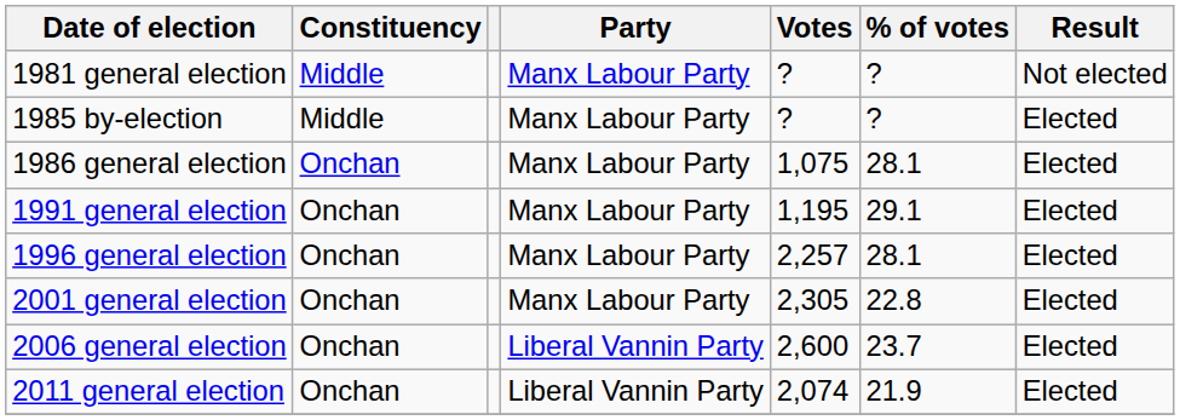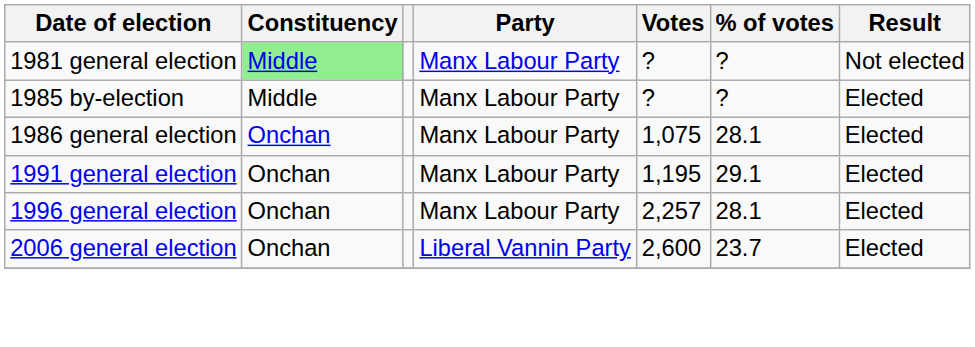 <table class="wikitable">
 <tr>
 <th>Date of election</th>
 <th>Constituency</th>
 <th></th>
 <th>Party</th>
 <th>Votes</th>
 <th>% of votes</th>
 <th>Result</th>
 </tr>
 <tr>
 <td>1981 general election</td>
-<td><a href='#'>Middle</a></td>
+<td style="background: lightgreen;"><a href='#'>Middle</a></td>
 <td style="background-color: "></td>
 <td><a href='#'>Manx Labour Party</a></td>
 <td>?</td>
 <td>?</td>
 <td>Not elected</td>
 </tr>
 <tr>
 <td>1985 by-election</td>
 <td>Middle</td>
 <td style="background-color: "></td>
 <td>Manx Labour Party</td>
 <td>?</td>
 <td>?</td>
 <td>Elected</td>
 </tr>
 <tr>
 <td>1986 general election</td>
 <td><a href='#'>Onchan</a></td>
 <td style="background-color: "></td>
 <td>Manx Labour Party</td>
 <td>1,075</td>
 <td>28.1</td>
 <td>Elected</td>
 </tr>
 <tr>
 <td><a href='#'>1991 general election</a></td>
 <td>Onchan</td>
 <td style="background-color: "></td>
 <td>Manx Labour Party</td>
 <td>1,195</td>
 <td>29.1</td>
 <td>Elected</td>
 </tr>
 <tr>
 <td><a href='#'>1996 general election</a></td>
 <td>Onchan</td>
 <td style="background-color: "></td>
 <td>Manx Labour Party</td>
 <td>2,257</td>
 <td>28.1</td>
 <td>Elected</td>
 </tr>
 <tr>
-<td><a href='#'>2001 general election</a></td>
-<td>Onchan</td>
-<td style="background-color: "></td>
-<td>Manx Labour Party</td>
-<td>2,305</td>
-<td>22.8</td>
-<td>Elected</td>
-</tr>
-<tr>
 <td><a href='#'>2006 general election</a></td>
 <td>Onchan</td>
 <td style="background-color: "></td>
 <td><a href='#'>Liberal Vannin Party</a></td>
 <td>2,600</td>
 <td>23.7</td>
 <td>Elected</td>
 </tr>
 <tr>
-<td><a href='#'>2011 general election</a></td>
-<td>Onchan</td>
-<td style="background-color: "></td>
-<td>Liberal Vannin Party</td>
-<td>2,074</td>
-<td>21.9</td>
-<td>Elected</td>
-</tr>
-<tr>
 </tr>
 </table>
